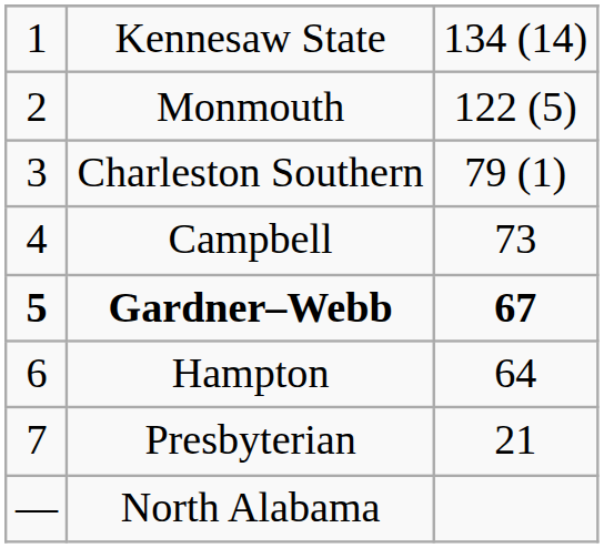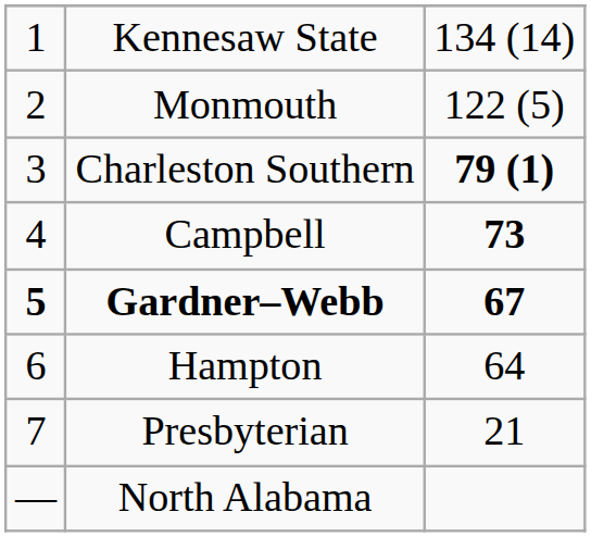 <table class="wikitable">
 <tr align="center">
 </tr>
 <tr align="center">
 <td>1</td>
 <td>Kennesaw State</td>
 <td>134 (14)</td>
 </tr>
 <tr align="center">
 <td>2</td>
 <td>Monmouth</td>
 <td>122 (5)</td>
 </tr>
 <tr align="center">
 <td>3</td>
 <td>Charleston Southern</td>
-<td>79 (1)</td>
+<td><strong>79 (1)</strong></td>
 </tr>
 <tr align="center">
 <td>4</td>
 <td>Campbell</td>
-<td>73</td>
+<td><strong>73</strong></td>
 </tr>
 <tr align="center">
 <td><strong>5</strong></td>
 <td><strong>Gardner–Webb</strong></td>
 <td><strong>67</strong></td>
 </tr>
 <tr align="center">
 <td>6</td>
 <td>Hampton</td>
 <td>64</td>
 </tr>
 <tr align="center">
 <td>7</td>
 <td>Presbyterian</td>
 <td>21</td>
 </tr>
 <tr align="center">
 <td>—</td>
 <td>North Alabama</td>
 <td></td>
 </tr>
 </table>
